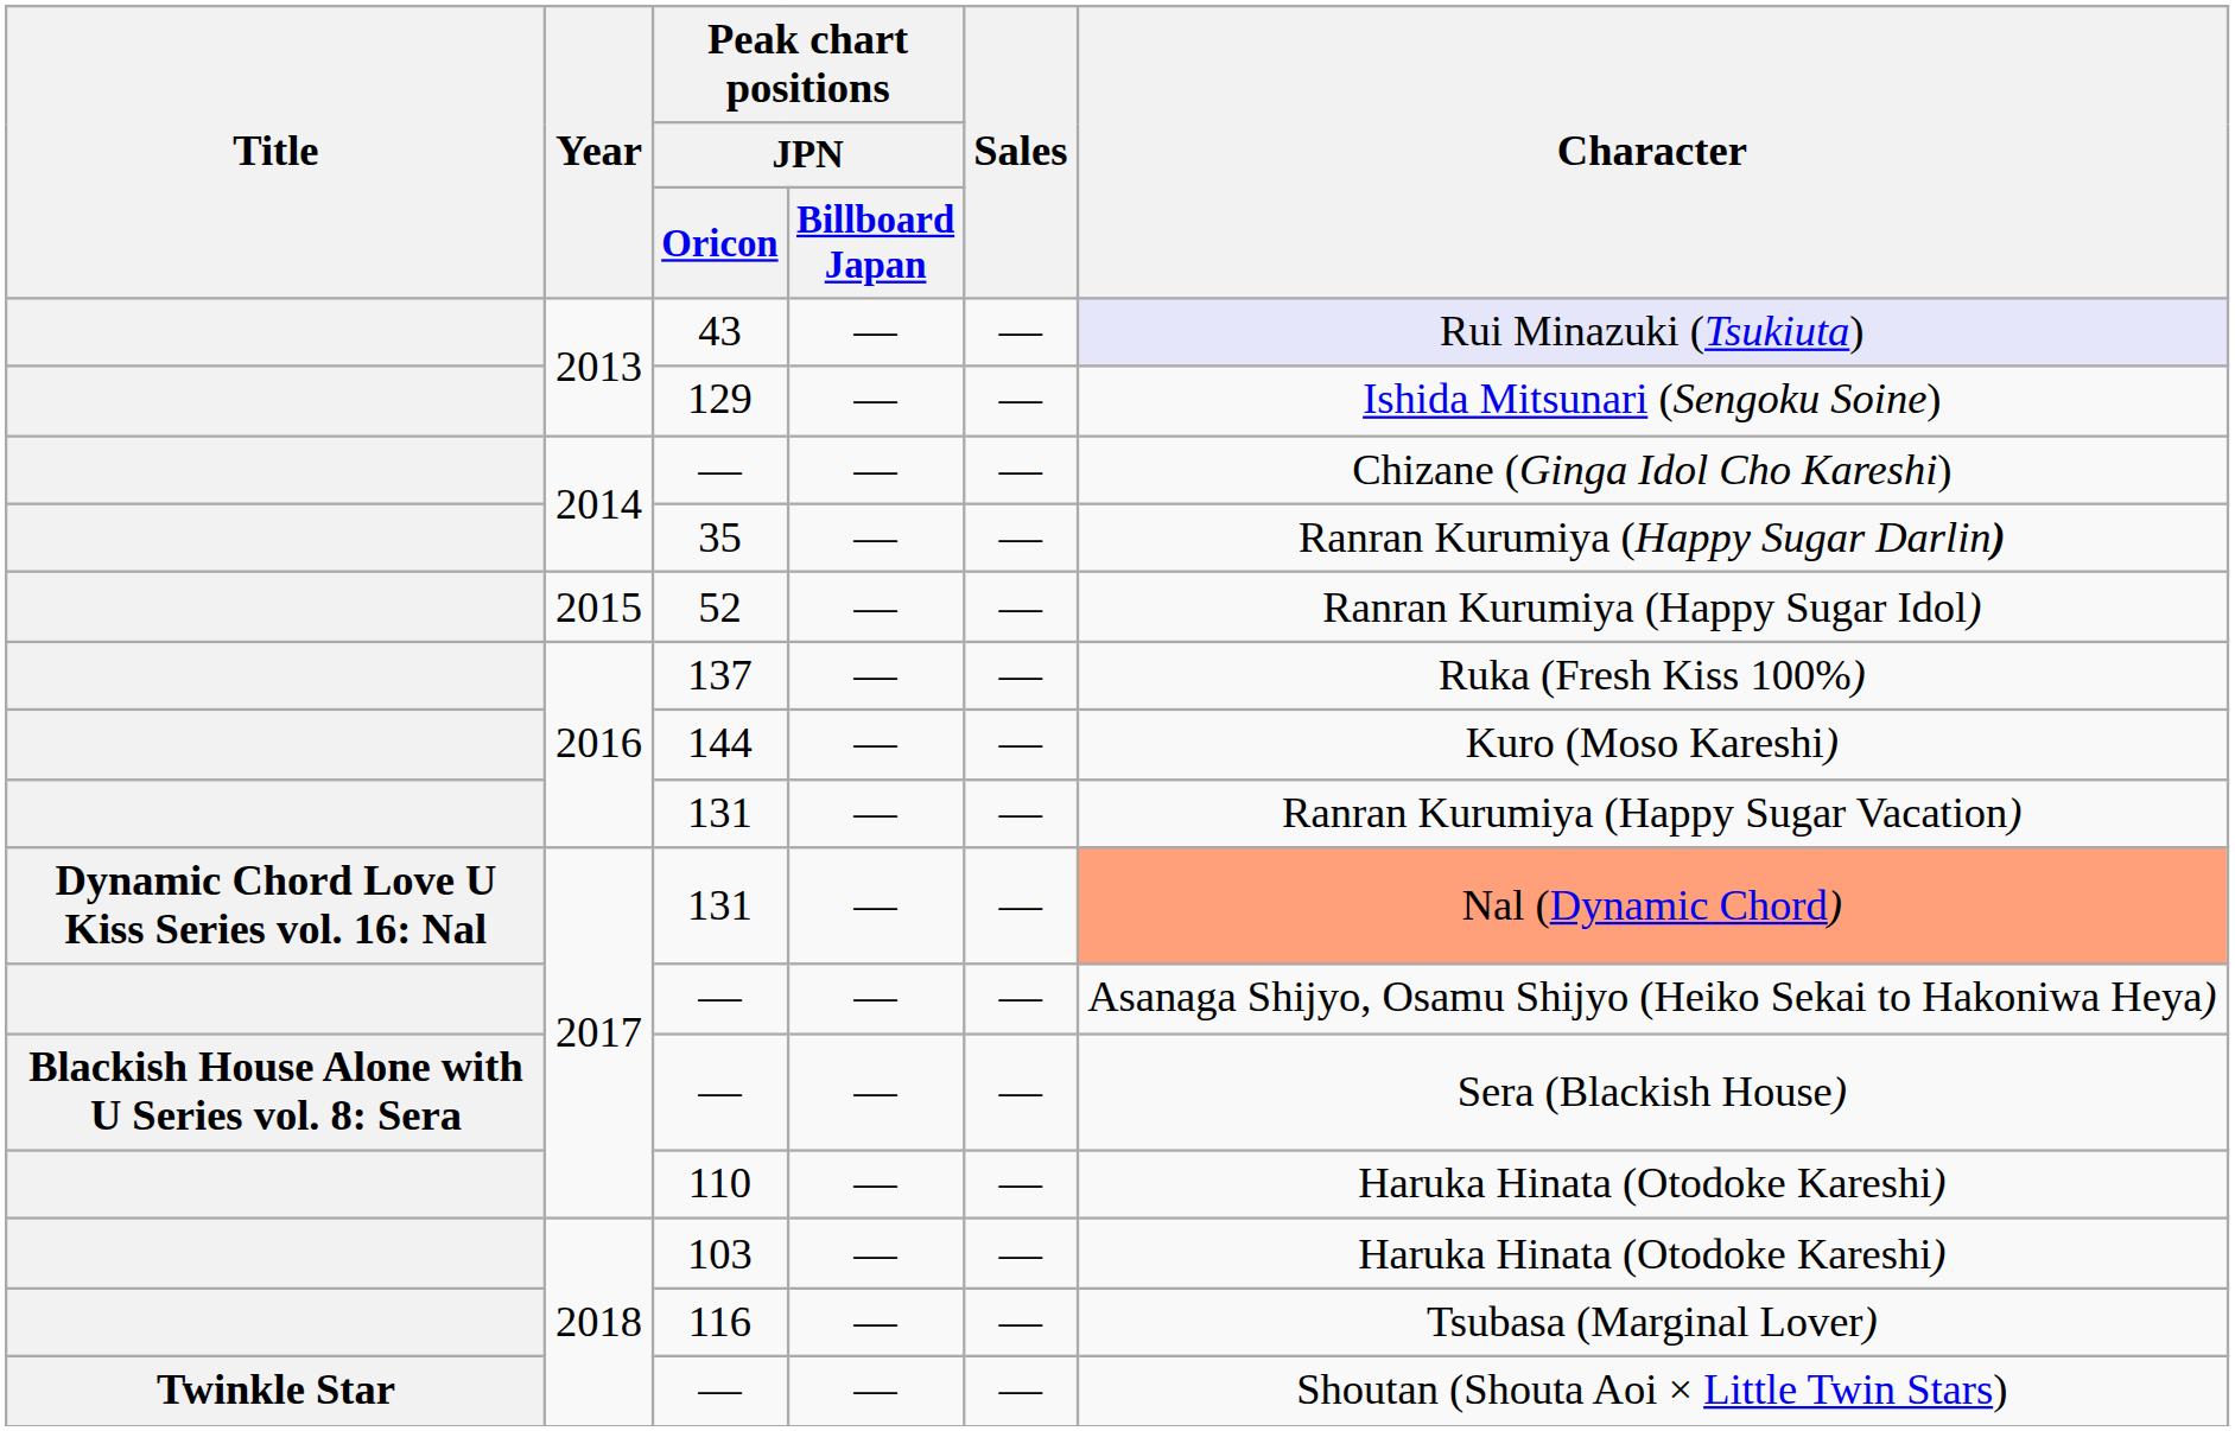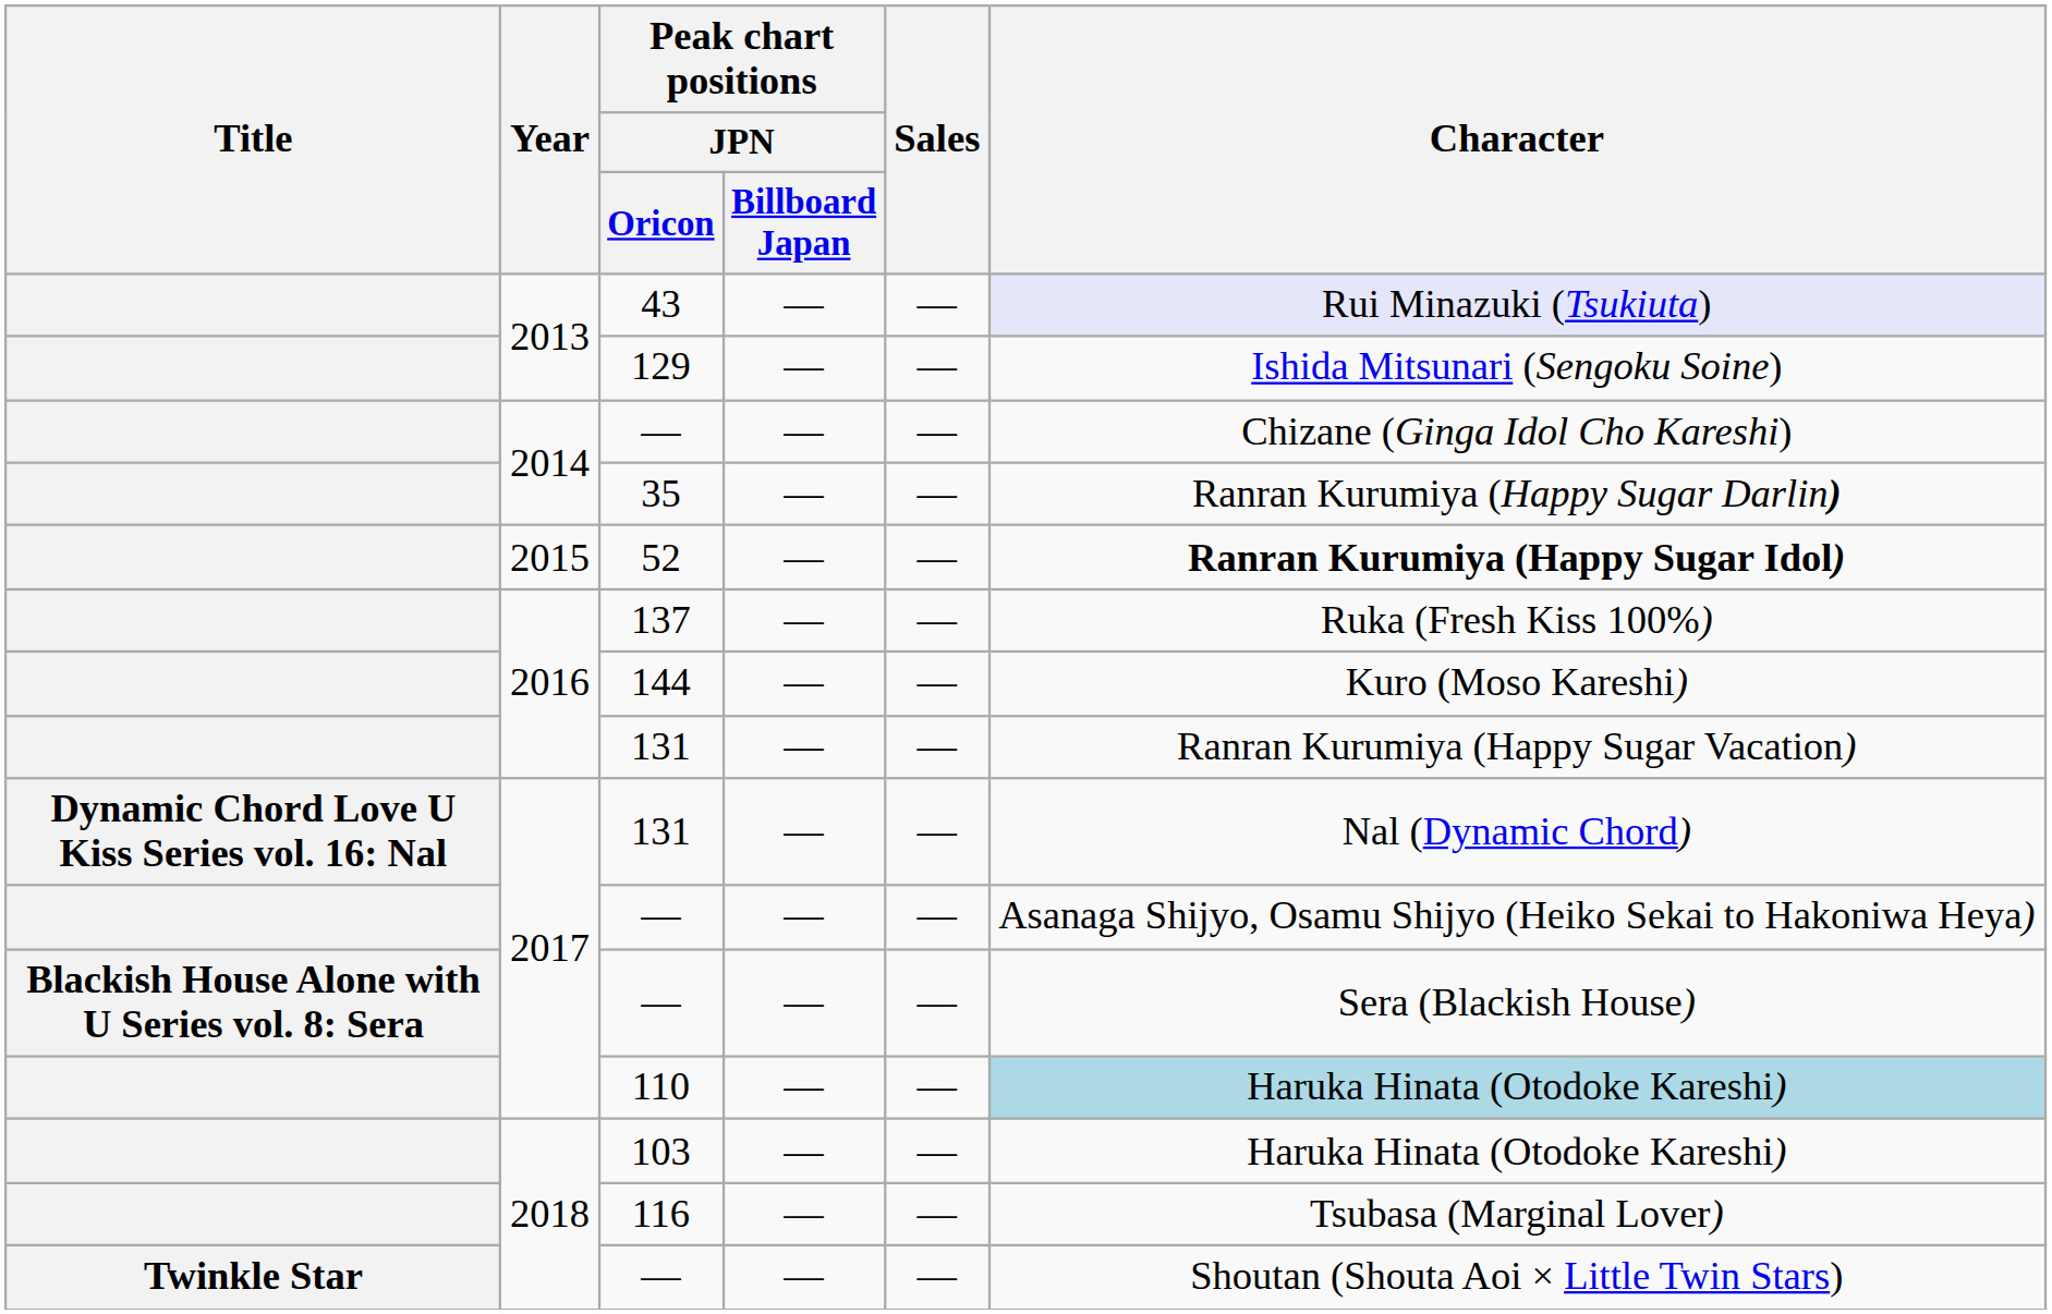 <table class="wikitable plainrowheaders" style="text-align:center;">
 <tr>
 <th scope="col" rowspan="3" style="width:12em;">Title</th>
 <th scope="col" rowspan="3">Year</th>
 <th scope="col" colspan="2">Peak chart positions</th>
 <th scope="col" rowspan="3">Sales</th>
 <th scope="col" rowspan="3">Character</th>
 </tr>
 <tr>
 <th scope="col" style="width:3em;font-size:90%;" colspan="2">JPN</th>
 </tr>
 <tr>
 <th scope="col" style="width:3em;font-size:90%;"><a href='#'>Oricon</a></th>
 <th scope="col" style="width:3em;font-size:90%;"><a href='#'>Billboard Japan</a></th>
 </tr>
 <tr>
 <th scope="row"></th>
 <td rowspan="2">2013</td>
 <td>43</td>
 <td>—</td>
 <td>—</td>
 <td style="background: lavender;">Rui Minazuki (<em><a href='#'>Tsukiuta</a></em>)</td>
 </tr>
 <tr>
 <th scope="row"></th>
 <td>129</td>
 <td>—</td>
 <td>—</td>
 <td><a href='#'>Ishida Mitsunari</a> (<em>Sengoku Soine</em>)</td>
 </tr>
 <tr>
 <th scope="row"></th>
 <td rowspan="2">2014</td>
 <td>—</td>
 <td>—</td>
 <td>—</td>
 <td>Chizane (<em>Ginga Idol Cho Kareshi</em>)</td>
 </tr>
 <tr>
 <th scope="row"></th>
 <td>35</td>
 <td>—</td>
 <td>—</td>
 <td>Ranran Kurumiya (<em>Happy Sugar Darlin<strong>)</td>
 </tr>
 <tr>
 <th scope="row"></th>
 <td>2015</td>
 <td>52</td>
 <td>—</td>
 <td>—</td>
-<td>Ranran Kurumiya (</em>Happy Sugar Idol<em>)</td>
+<td><strong>Ranran Kurumiya (</em>Happy Sugar Idol<em>)</strong></td>
 </tr>
 <tr>
 <th scope="row"></th>
 <td rowspan="3">2016</td>
 <td>137</td>
 <td>—</td>
 <td>—</td>
 <td>Ruka (</em>Fresh Kiss 100%<em>)</td>
 </tr>
 <tr>
 <th scope="row"></th>
 <td>144</td>
 <td>—</td>
 <td>—</td>
 <td>Kuro (</em>Moso Kareshi<em>)</td>
 </tr>
 <tr>
 <th scope="row"></th>
 <td>131</td>
 <td>—</td>
 <td>—</td>
 <td>Ranran Kurumiya (</em>Happy Sugar Vacation<em>)</td>
 </tr>
 <tr>
 <th scope="row"></em>Dynamic Chord Love U Kiss Series vol. 16: Nal<em></th>
 <td rowspan="4">2017</td>
 <td>131</td>
 <td>—</td>
 <td>—</td>
-<td style="background: lightsalmon;">Nal (</em><a href='#'>Dynamic Chord</a><em>)</td>
+<td>Nal (</em><a href='#'>Dynamic Chord</a><em>)</td>
 </tr>
 <tr>
 <th scope="row"></th>
 <td>—</td>
 <td>—</td>
 <td>—</td>
 <td>Asanaga Shijyo, Osamu Shijyo (</em>Heiko Sekai to Hakoniwa Heya<em>)</td>
 </tr>
 <tr>
 <th scope="row"></em>Blackish House Alone with U Series vol. 8: Sera<em></th>
 <td>—</td>
 <td>—</td>
 <td>—</td>
 <td>Sera (</em>Blackish House<em>)</td>
 </tr>
 <tr>
 <th scope="row"></th>
 <td>110</td>
 <td>—</td>
 <td>—</td>
-<td>Haruka Hinata (</em>Otodoke Kareshi<em>)</td>
+<td style="background: lightblue;">Haruka Hinata (</em>Otodoke Kareshi<em>)</td>
 </tr>
 <tr>
 <th scope="row"></th>
 <td rowspan="3">2018</td>
 <td>103</td>
 <td>—</td>
 <td>—</td>
 <td>Haruka Hinata (</em>Otodoke Kareshi<em>)</td>
 </tr>
 <tr>
 <th scope="row"></th>
 <td>116</td>
 <td>—</td>
 <td>—</td>
 <td>Tsubasa (</em>Marginal Lover<em>)</td>
 </tr>
 <tr>
 <th scope="row"></em>Twinkle Star<em></th>
 <td>—</td>
 <td>—</td>
 <td>—</td>
 <td>Shoutan (Shouta Aoi × <a href='#'>Little Twin Stars</a>)</td>
 </tr>
 <tr>
 </tr>
 </table>
